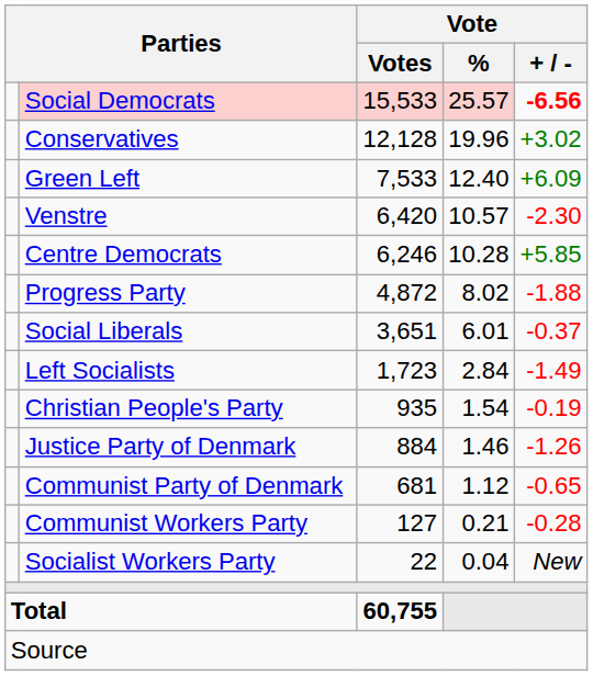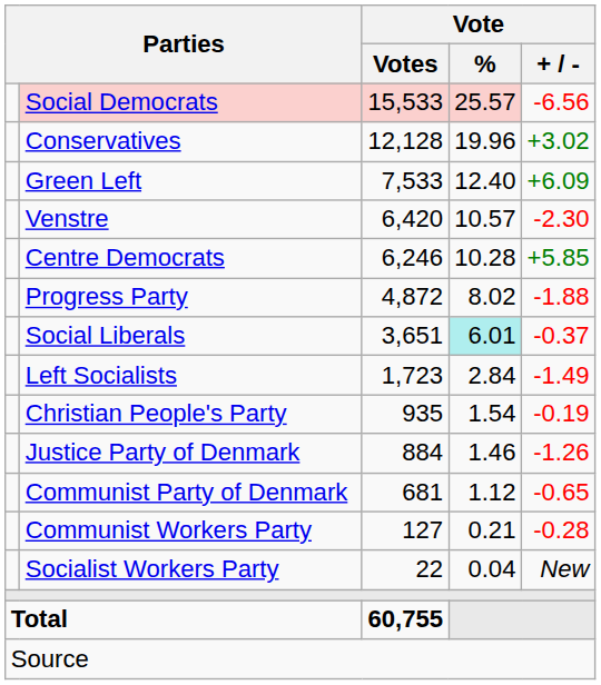 <table class="wikitable" style="text-align:right;">
 <tr>
 <th style="text-align:centre;" rowspan="2" colspan="2" width="225">Parties</th>
 <th colspan="3">Vote</th>
 </tr>
 <tr>
 <th width="15">Votes</th>
 <th width="15">%</th>
 <th width="15">+ / -</th>
 </tr>
 <tr>
 <td width="2" style="color:inherit;background:"></td>
 <td bgcolor=#fbd0ce  align="left"><a href='#'>Social Democrats</a></td>
 <td bgcolor=#fbd0ce>15,533</td>
 <td bgcolor=#fbd0ce>25.57</td>
-<td style=color:red;><strong>-6.56</strong></td>
+<td style=color:red;>-6.56</td>
 </tr>
 <tr>
 <td width="2" style="color:inherit;background:"></td>
 <td align="left"><a href='#'>Conservatives</a></td>
 <td>12,128</td>
 <td>19.96</td>
 <td style=color:green;>+3.02</td>
 </tr>
 <tr>
 <td width="2" style="color:inherit;background:"></td>
 <td align="left"><a href='#'>Green Left</a></td>
 <td>7,533</td>
 <td>12.40</td>
 <td style=color:green;>+6.09</td>
 </tr>
 <tr>
 <td width="2" style="color:inherit;background:"></td>
 <td align="left"><a href='#'>Venstre</a></td>
 <td>6,420</td>
 <td>10.57</td>
 <td style=color:red;>-2.30</td>
 </tr>
 <tr>
 <td width="2" style="color:inherit;background:"></td>
 <td align="left"><a href='#'>Centre Democrats</a></td>
 <td>6,246</td>
 <td>10.28</td>
 <td style=color:green;>+5.85</td>
 </tr>
 <tr>
 <td width="2" style="color:inherit;background:"></td>
 <td align="left"><a href='#'>Progress Party</a></td>
 <td>4,872</td>
 <td>8.02</td>
 <td style=color:red;>-1.88</td>
 </tr>
 <tr>
 <td width="2" style="color:inherit;background:"></td>
 <td align="left"><a href='#'>Social Liberals</a></td>
 <td>3,651</td>
-<td>6.01</td>
+<td style="background: paleturquoise;">6.01</td>
 <td style=color:red;>-0.37</td>
 </tr>
 <tr>
 <td width="2" style="color:inherit;background:"></td>
 <td align="left"><a href='#'>Left Socialists</a></td>
 <td>1,723</td>
 <td>2.84</td>
 <td style=color:red;>-1.49</td>
 </tr>
 <tr>
 <td width="2" style="color:inherit;background:"></td>
 <td align="left"><a href='#'>Christian People's Party</a></td>
 <td>935</td>
 <td>1.54</td>
 <td style=color:red;>-0.19</td>
 </tr>
 <tr>
 <td width="2" style="color:inherit;background:"></td>
 <td align="left"><a href='#'>Justice Party of Denmark</a></td>
 <td>884</td>
 <td>1.46</td>
 <td style=color:red;>-1.26</td>
 </tr>
 <tr>
 <td width="2" style="color:inherit;background:"></td>
 <td align="left"><a href='#'>Communist Party of Denmark</a></td>
 <td>681</td>
 <td>1.12</td>
 <td style=color:red;>-0.65</td>
 </tr>
 <tr>
 <td width="2" style="color:inherit;background:"></td>
 <td align="left"><a href='#'>Communist Workers Party</a></td>
 <td>127</td>
 <td>0.21</td>
 <td style=color:red;>-0.28</td>
 </tr>
 <tr>
 <td width="2" style="color:inherit;background:"></td>
 <td align="left"><a href='#'>Socialist Workers Party</a></td>
 <td>22</td>
 <td>0.04</td>
 <td><em>New</em></td>
 </tr>
 <tr>
 <td colspan="7" bgcolor="#E9E9E9"></td>
 </tr>
 <tr>
 <td align="left" colspan="2"><strong>Total</strong></td>
 <td><strong>60,755</strong></td>
 <td bgcolor="#E9E9E9" colspan="2"></td>
 </tr>
 <tr>
 <td align="left" colspan="6">Source</td>
 </tr>
 </table>
